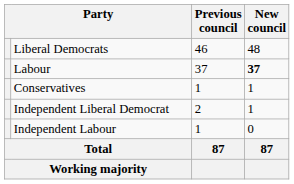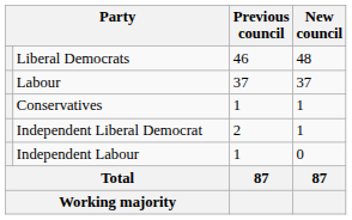 <table class="wikitable">
 <tr>
 <th valign=top colspan="2" style="width: 230px">Party</th>
 <th valign=top style="width: 30px">Previous council</th>
 <th valign=top style="width: 30px">New council</th>
 </tr>
 <tr>
 <th style="background-color: "></th>
 <td>Liberal Democrats</td>
 <td>46</td>
 <td>48</td>
 </tr>
 <tr>
 <th style="background-color: "></th>
 <td>Labour</td>
 <td>37</td>
-<td><strong>37</strong></td>
+<td>37</td>
 </tr>
 <tr>
 <th style="background-color: "></th>
 <td>Conservatives</td>
 <td>1</td>
 <td>1</td>
 </tr>
 <tr>
 <th style="background-color: "></th>
 <td>Independent Liberal Democrat</td>
 <td>2</td>
 <td>1</td>
 </tr>
 <tr>
 <th style="background-color: "></th>
 <td>Independent Labour</td>
 <td>1</td>
 <td>0</td>
 </tr>
 <tr>
 <th colspan=2>Total</th>
 <th style="text-align: center">87</th>
 <th colspan=3>87</th>
 </tr>
 <tr>
 <th colspan=2>Working majority</th>
 <th></th>
 <th></th>
 </tr>
 </table>
